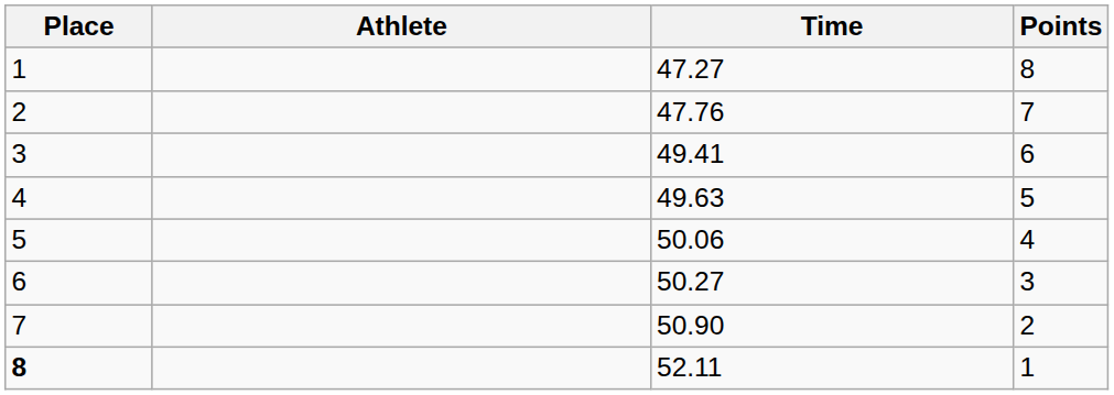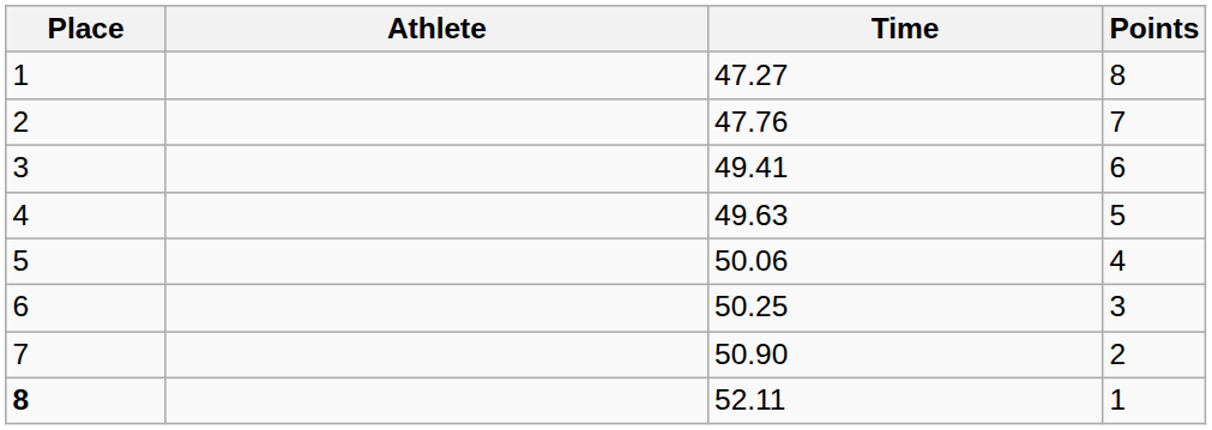 <table class=wikitable>
 <tr>
 <th style="width:5em">Place</th>
 <th style="width:18em">Athlete</th>
 <th style="width:13em">Time</th>
 <th>Points</th>
 </tr>
 <tr>
 <td>1</td>
 <td></td>
 <td>47.27  </td>
 <td>8</td>
 </tr>
 <tr>
 <td>2</td>
 <td></td>
 <td>47.76</td>
 <td>7</td>
 </tr>
 <tr>
 <td>3</td>
 <td></td>
 <td>49.41</td>
 <td>6</td>
 </tr>
 <tr>
 <td>4</td>
 <td></td>
 <td>49.63</td>
 <td>5</td>
 </tr>
 <tr>
 <td>5</td>
 <td></td>
 <td>50.06</td>
 <td>4</td>
 </tr>
 <tr>
 <td>6</td>
 <td></td>
-<td>50.27</td>
+<td>50.25</td>
 <td>3</td>
 </tr>
 <tr>
 <td>7</td>
 <td></td>
 <td>50.90</td>
 <td>2</td>
 </tr>
 <tr>
 <td><strong>8</strong></td>
 <td></td>
 <td>52.11</td>
 <td>1</td>
 </tr>
 </table>
